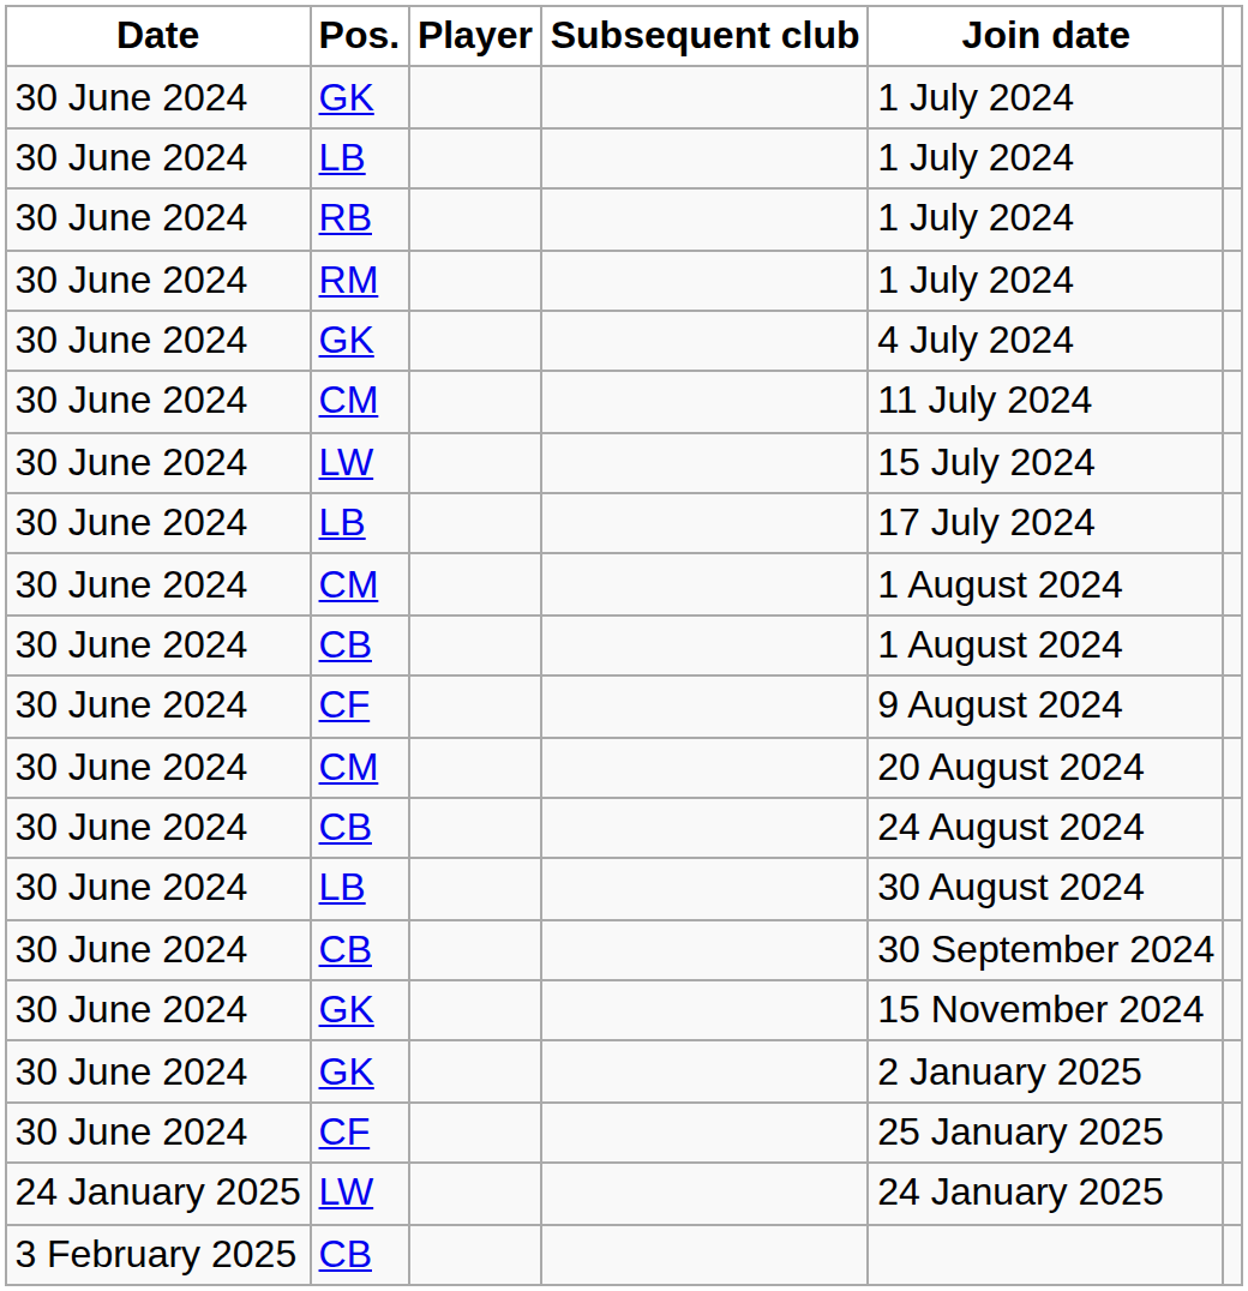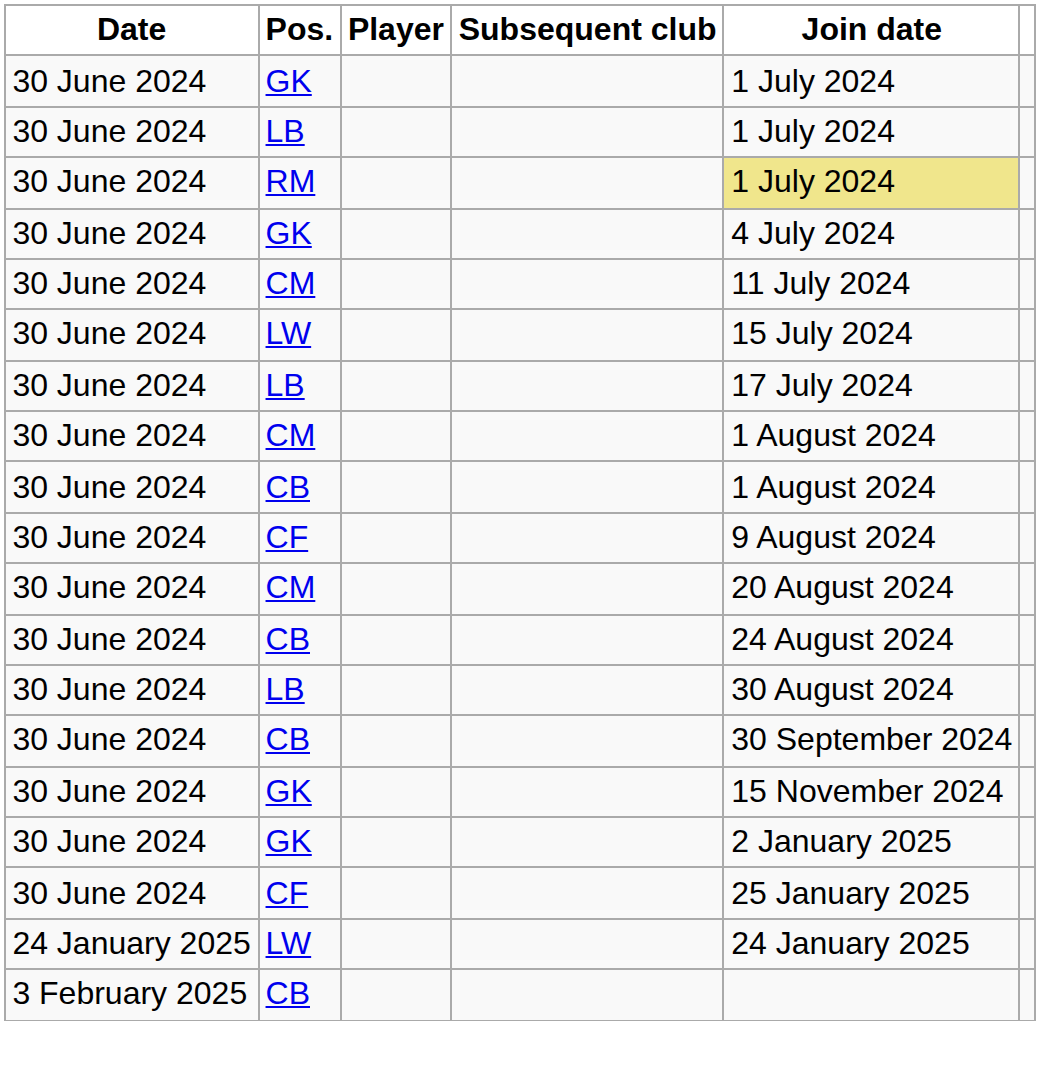 <table class="wikitable plainrowheaders sortable">
 <tr>
 <th style="background-color: white; color:black; ">Date</th>
 <th style="background-color: white; color:black; ">Pos.</th>
 <th style="background-color: white; color:black; ">Player</th>
 <th style="background-color: white; color:black; ">Subsequent club</th>
 <th style="background-color: white; color:black; ">Join date</th>
 <th style="background-color: white; color:black; "></th>
 </tr>
 <tr>
 <td>30 June 2024</td>
 <td><a href='#'>GK</a></td>
 <td></td>
 <td></td>
 <td>1 July 2024</td>
 <td></td>
 </tr>
 <tr>
 <td>30 June 2024</td>
 <td><a href='#'>LB</a></td>
 <td></td>
 <td></td>
 <td>1 July 2024</td>
 <td></td>
 </tr>
 <tr>
 <td>30 June 2024</td>
-<td><a href='#'>RB</a></td>
-<td></td>
-<td></td>
-<td>1 July 2024</td>
-<td></td>
-</tr>
-<tr>
-<td>30 June 2024</td>
 <td><a href='#'>RM</a></td>
 <td></td>
 <td></td>
-<td>1 July 2024</td>
+<td style="background: khaki;">1 July 2024</td>
 <td></td>
 </tr>
 <tr>
 <td>30 June 2024</td>
 <td><a href='#'>GK</a></td>
 <td></td>
 <td></td>
 <td>4 July 2024</td>
 <td></td>
 </tr>
 <tr>
 <td>30 June 2024</td>
 <td><a href='#'>CM</a></td>
 <td></td>
 <td></td>
 <td>11 July 2024</td>
 <td></td>
 </tr>
 <tr>
 <td>30 June 2024</td>
 <td><a href='#'>LW</a></td>
 <td></td>
 <td></td>
 <td>15 July 2024</td>
 <td></td>
 </tr>
 <tr>
 <td>30 June 2024</td>
 <td><a href='#'>LB</a></td>
 <td></td>
 <td></td>
 <td>17 July 2024</td>
 <td></td>
 </tr>
 <tr>
 <td>30 June 2024</td>
 <td><a href='#'>CM</a></td>
 <td></td>
 <td></td>
 <td>1 August 2024</td>
 <td></td>
 </tr>
 <tr>
 <td>30 June 2024</td>
 <td><a href='#'>CB</a></td>
 <td></td>
 <td></td>
 <td>1 August 2024</td>
 <td></td>
 </tr>
 <tr>
 <td>30 June 2024</td>
 <td><a href='#'>CF</a></td>
 <td></td>
 <td></td>
 <td>9 August 2024</td>
 <td></td>
 </tr>
 <tr>
 <td>30 June 2024</td>
 <td><a href='#'>CM</a></td>
 <td></td>
 <td></td>
 <td>20 August 2024</td>
 <td></td>
 </tr>
 <tr>
 <td>30 June 2024</td>
 <td><a href='#'>CB</a></td>
 <td></td>
 <td></td>
 <td>24 August 2024</td>
 <td></td>
 </tr>
 <tr>
 <td>30 June 2024</td>
 <td><a href='#'>LB</a></td>
 <td></td>
 <td></td>
 <td>30 August 2024</td>
 <td></td>
 </tr>
 <tr>
 <td>30 June 2024</td>
 <td><a href='#'>CB</a></td>
 <td></td>
 <td></td>
 <td>30 September 2024</td>
 <td></td>
 </tr>
 <tr>
 <td>30 June 2024</td>
 <td><a href='#'>GK</a></td>
 <td></td>
 <td></td>
 <td>15 November 2024</td>
 <td></td>
 </tr>
 <tr>
 <td>30 June 2024</td>
 <td><a href='#'>GK</a></td>
 <td></td>
 <td></td>
 <td>2 January 2025</td>
 <td></td>
 </tr>
 <tr>
 <td>30 June 2024</td>
 <td><a href='#'>CF</a></td>
 <td></td>
 <td></td>
 <td>25 January 2025</td>
 <td></td>
 </tr>
 <tr>
 <td>24 January 2025</td>
 <td><a href='#'>LW</a></td>
 <td></td>
 <td></td>
 <td>24 January 2025</td>
 <td></td>
 </tr>
 <tr>
 <td>3 February 2025</td>
 <td><a href='#'>CB</a></td>
 <td></td>
 <td></td>
 <td></td>
 <td></td>
 </tr>
 </table>
